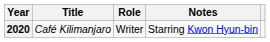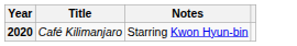 <table class="wikitable plainrowheaders sortable"  style=font-size:100%>
 <tr>
 <th scope="col">Year</th>
 <th scope="col">Title</th>
-<th scope="col">Role</th>
 <th scope="col" class="unsortable">Notes</th>
 <th scope="col" class="unsortable"></th>
 </tr>
 <tr>
 <th scope="row">2020</th>
 <td><em>Café Kilimanjaro</em></td>
-<td>Writer</td>
 <td>Starring <a href='#'>Kwon Hyun-bin</a></td>
 <td style="text-align:center;"></td>
 </tr>
 </table>
